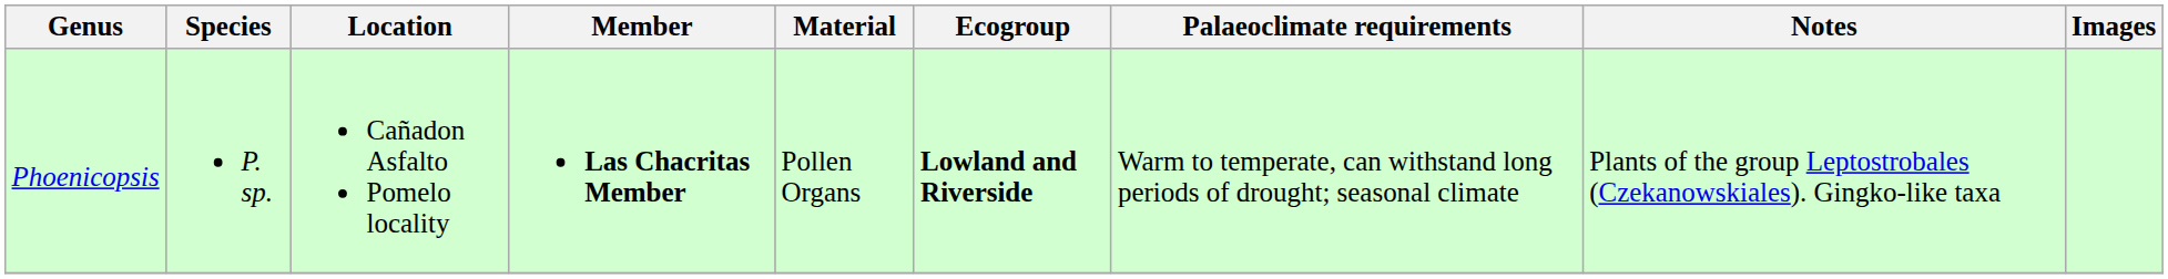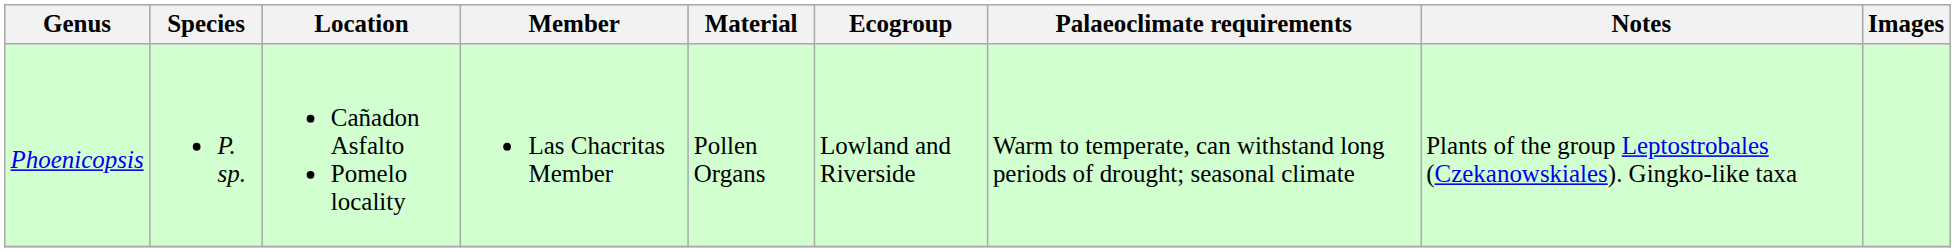 <table class="wikitable sortable">
 <tr>
 <th>Genus</th>
 <th>Species</th>
 <th>Location</th>
 <th>Member</th>
 <th>Material</th>
 <th>Ecogroup</th>
 <th>Palaeoclimate requirements</th>
 <th>Notes</th>
 <th>Images</th>
 </tr>
 <tr>
 <td style="background:#D1FFCF;"><br><em><a href='#'>Phoenicopsis</a></em></td>
 <td style="background:#D1FFCF;"><br><ul><li><em>P. sp.</em></li></ul></td>
 <td style="background:#D1FFCF;"><br><ul><li>Cañadon Asfalto</li><li>Pomelo locality</li></ul></td>
-<td style="background:#D1FFCF;"><strong><br><ul><li>Las Chacritas Member</li></ul></strong></td>
+<td style="background:#D1FFCF;"><br><ul><li>Las Chacritas Member</li></ul></td>
 <td style="background:#D1FFCF;"><br>Pollen Organs</td>
-<td style="background:#D1FFCF;"><strong><br>Lowland and Riverside</strong></td>
+<td style="background:#D1FFCF;"><br>Lowland and Riverside</td>
 <td style="background:#D1FFCF;"><br>Warm to temperate, can withstand long periods of drought; seasonal climate</td>
 <td style="background:#D1FFCF;"><br>Plants of the group <a href='#'>Leptostrobales</a> (<a href='#'>Czekanowskiales</a>). Gingko-like taxa</td>
 <td style="background:#D1FFCF;"></td>
 </tr>
 <tr>
 </tr>
 </table>
